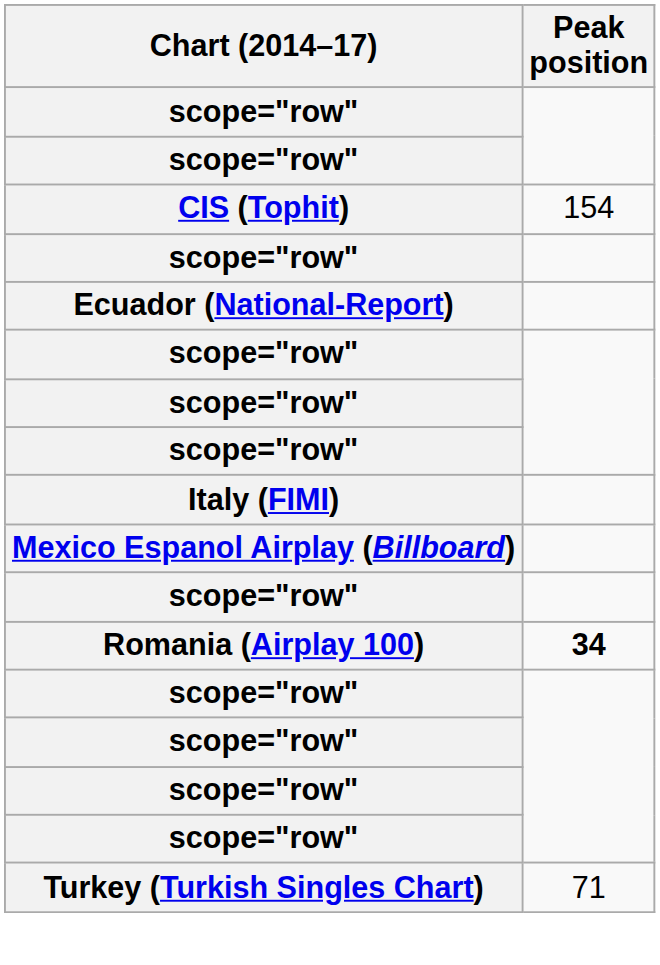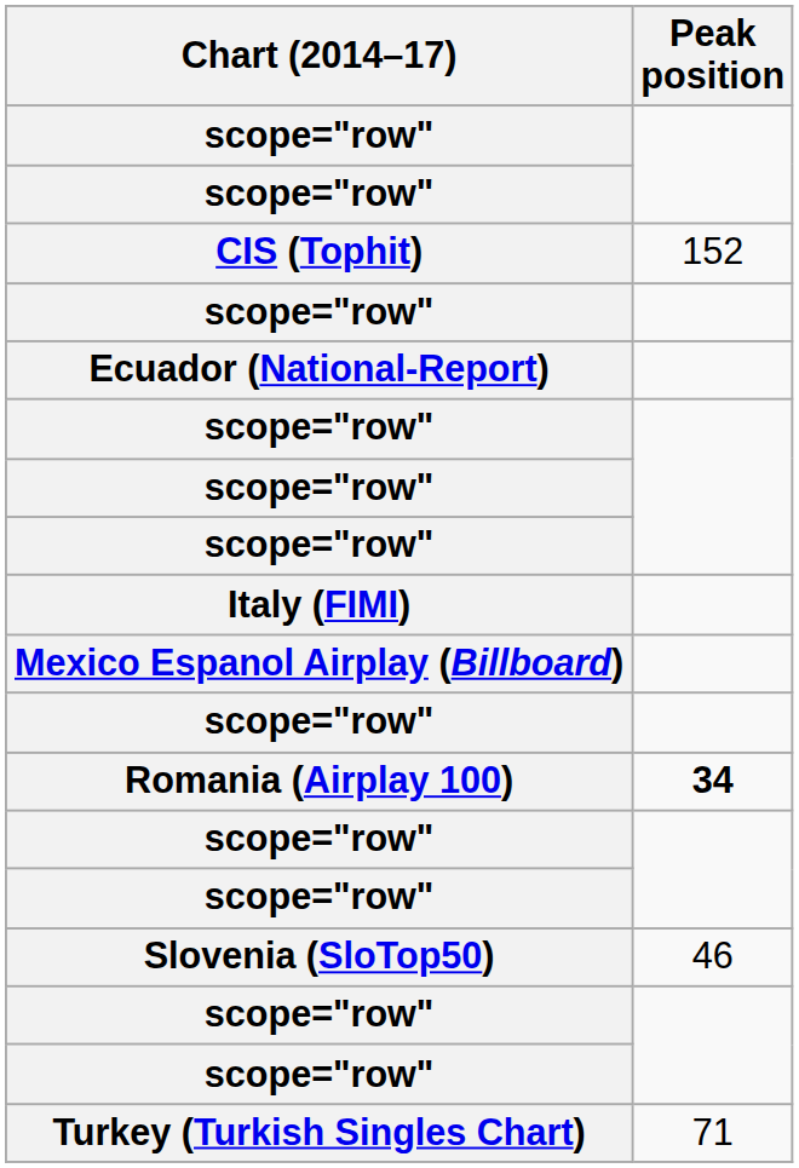 <table class="wikitable sortable plainrowheaders">
 <tr>
 <th>Chart (2014–17)</th>
 <th>Peak<br>position</th>
 </tr>
 <tr>
 <th>scope="row" </th>
 </tr>
 <tr>
 <th>scope="row" </th>
 </tr>
 <tr>
 <th scope="row"><a href='#'>CIS</a> (<a href='#'>Tophit</a>)</th>
-<td align="center">154</td>
+<td align="center">152</td>
 </tr>
 <tr>
 <th>scope="row" </th>
 </tr>
 <tr>
 <th scope="row">Ecuador (<a href='#'>National-Report</a>)</th>
 <td></td>
 </tr>
 <tr>
 <th>scope="row" </th>
 </tr>
 <tr>
 <th>scope="row" </th>
 </tr>
 <tr>
 <th>scope="row" </th>
 </tr>
 <tr>
 <th scope="row">Italy (<a href='#'>FIMI</a>)</th>
 <td></td>
 </tr>
 <tr>
 <th scope="row"><a href='#'>Mexico Espanol Airplay</a> (<em><a href='#'>Billboard</a></em>)</th>
 <td></td>
 </tr>
 <tr>
 <th>scope="row" </th>
 </tr>
 <tr>
 <th scope="row">Romania (<a href='#'>Airplay 100</a>)</th>
 <td style="text-align:center;"><strong>34</strong></td>
 </tr>
 <tr>
 <th>scope="row" </th>
 </tr>
 <tr>
 <th>scope="row" </th>
 </tr>
 <tr>
+<th scope="row">Slovenia (<a href='#'>SloTop50</a>)</th>
+<td align=center>46</td>
+</tr>
+<tr>
 <th>scope="row" </th>
 </tr>
 <tr>
 <th>scope="row" </th>
 </tr>
 <tr>
 <th scope="row">Turkey (<a href='#'>Turkish Singles Chart</a>)</th>
 <td style="text-align:center;">71</td>
 </tr>
 </table>
